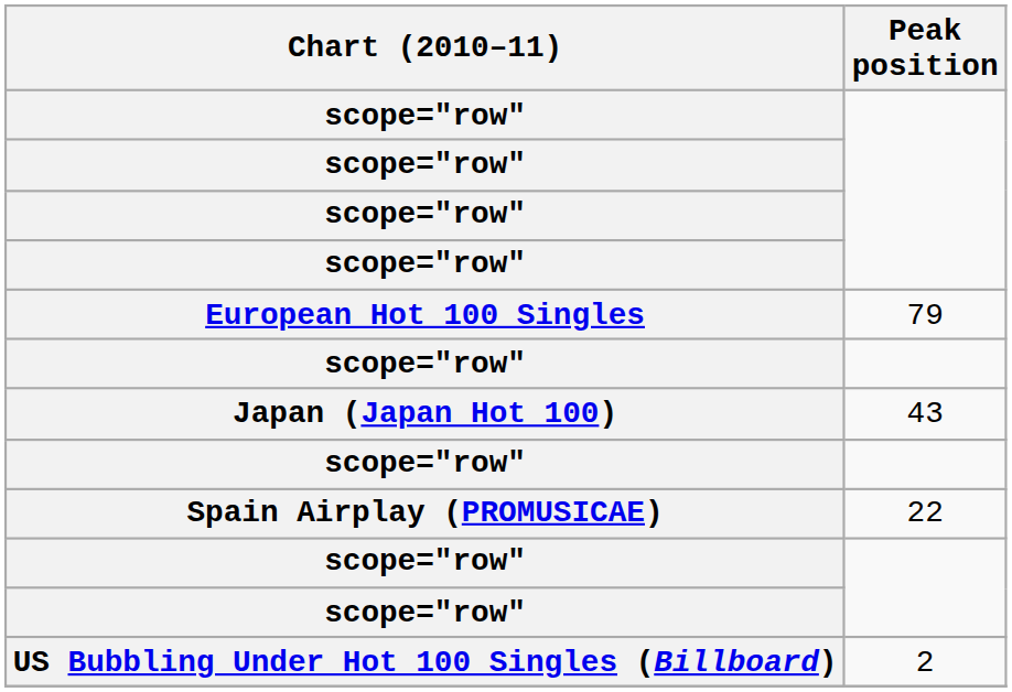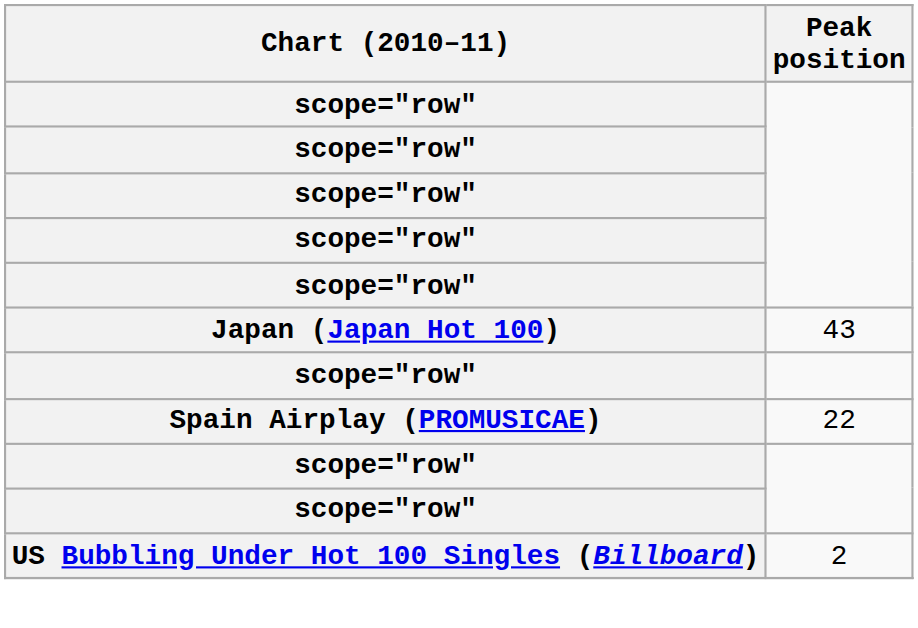 <table class="wikitable sortable plainrowheaders">
 <tr>
 <th>Chart (2010–11)</th>
 <th>Peak<br>position</th>
 </tr>
 <tr>
 <th>scope="row" </th>
 </tr>
 <tr>
 <th>scope="row" </th>
 </tr>
 <tr>
 <th>scope="row" </th>
 </tr>
 <tr>
 <th>scope="row" </th>
-</tr>
-<tr>
-<th scope="row"><a href='#'>European Hot 100 Singles</a></th>
-<td style="text-align:center;">79</td>
 </tr>
 <tr>
 <th>scope="row" </th>
 </tr>
 <tr>
 <th scope="row">Japan (<a href='#'>Japan Hot 100</a>)</th>
 <td style="text-align:center;">43</td>
 </tr>
 <tr>
 <th>scope="row" </th>
 </tr>
 <tr>
 <th scope="row">Spain Airplay (<a href='#'>PROMUSICAE</a>)</th>
 <td style="text-align:center;">22</td>
 </tr>
 <tr>
 <th>scope="row" </th>
 </tr>
 <tr>
 <th>scope="row" </th>
 </tr>
 <tr>
 <th scope="row">US <a href='#'>Bubbling Under Hot 100 Singles</a> (<em><a href='#'>Billboard</a></em>)</th>
 <td style="text-align:center;">2</td>
 </tr>
 <tr>
 </tr>
 </table>
